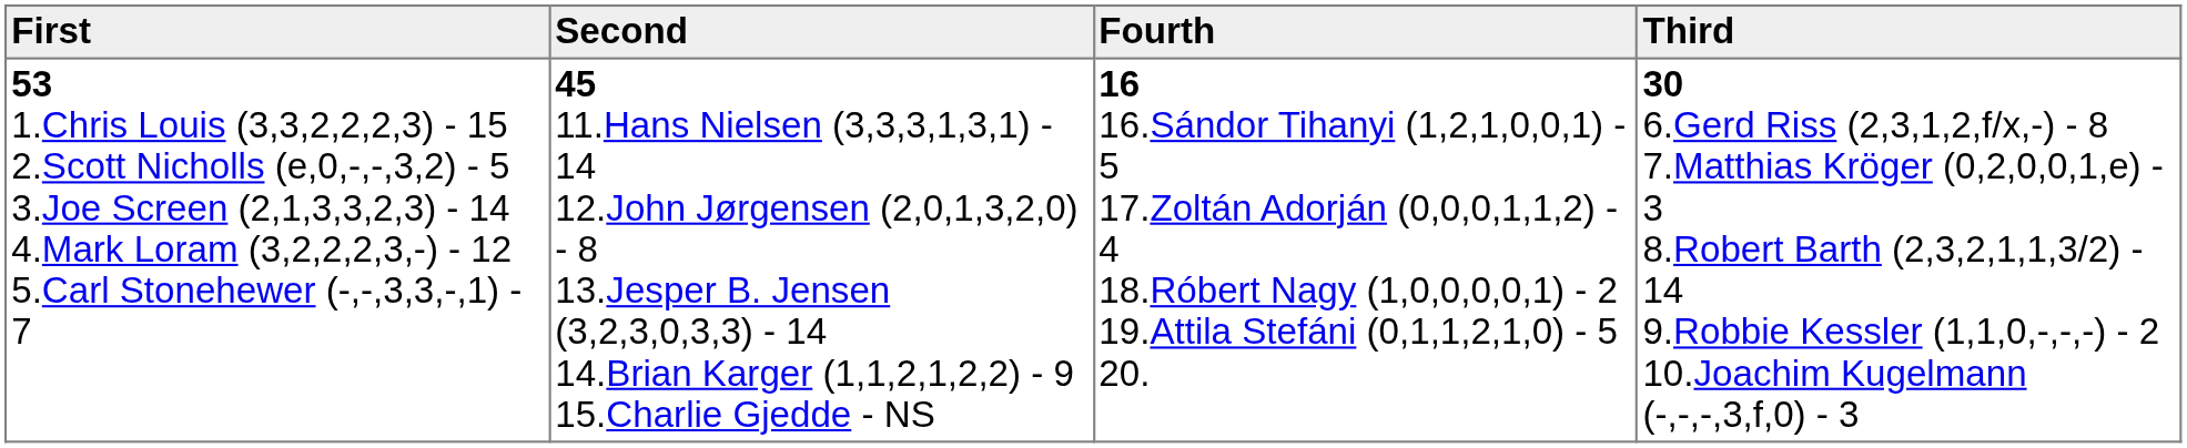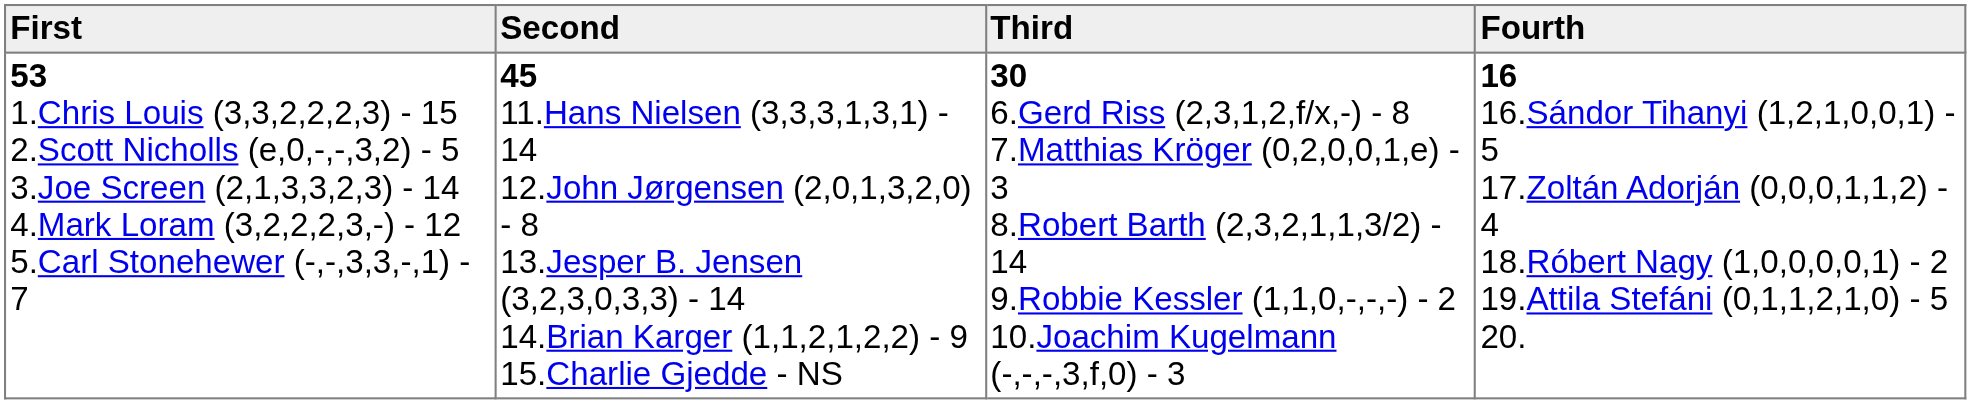 <table border=1 cellpadding=2 cellspacing=0 width=75% style="border-collapse:collapse">
 <tr align=left style="background:#efefef;">
 <th width=20%>First</th>
 <th width=20%>Second</th>
+<th width=20%>Third</th>
 <th width=20%>Fourth</th>
-<th width=20%>Third</th>
 </tr>
 <tr align=left>
 <td valign=top><strong> 53</strong><br>1.<a href='#'>Chris Louis</a> (3,3,2,2,2,3) - 15<br>2.<a href='#'>Scott Nicholls</a> (e,0,-,-,3,2) - 5<br>3.<a href='#'>Joe Screen</a> (2,1,3,3,2,3) - 14<br>4.<a href='#'>Mark Loram</a> (3,2,2,2,3,-) - 12<br>5.<a href='#'>Carl Stonehewer</a> (-,-,3,3,-,1) - 7</td>
 <td valign=top><strong> 45</strong><br>11.<a href='#'>Hans Nielsen</a> (3,3,3,1,3,1) - 14<br>12.<a href='#'>John Jørgensen</a> (2,0,1,3,2,0) - 8<br>13.<a href='#'>Jesper B. Jensen</a> (3,2,3,0,3,3) - 14<br>14.<a href='#'>Brian Karger</a> (1,1,2,1,2,2) - 9<br>15.<a href='#'>Charlie Gjedde</a> - NS</td>
+<td valign=top><strong> 30</strong><br>6.<a href='#'>Gerd Riss</a> (2,3,1,2,f/x,-) - 8<br>7.<a href='#'>Matthias Kröger</a> (0,2,0,0,1,e) - 3<br>8.<a href='#'>Robert Barth</a> (2,3,2,1,1,3/2) - 14<br>9.<a href='#'>Robbie Kessler</a> (1,1,0,-,-,-) - 2<br>10.<a href='#'>Joachim Kugelmann</a> (-,-,-,3,f,0) - 3</td>
 <td valign=top><strong> 16</strong><br>16.<a href='#'>Sándor Tihanyi</a> (1,2,1,0,0,1) - 5<br>17.<a href='#'>Zoltán Adorján</a> (0,0,0,1,1,2) - 4<br>18.<a href='#'>Róbert Nagy</a> (1,0,0,0,0,1) - 2<br>19.<a href='#'>Attila Stefáni</a> (0,1,1,2,1,0) - 5<br>20.</td>
-<td valign=top><strong> 30</strong><br>6.<a href='#'>Gerd Riss</a> (2,3,1,2,f/x,-) - 8<br>7.<a href='#'>Matthias Kröger</a> (0,2,0,0,1,e) - 3<br>8.<a href='#'>Robert Barth</a> (2,3,2,1,1,3/2) - 14<br>9.<a href='#'>Robbie Kessler</a> (1,1,0,-,-,-) - 2<br>10.<a href='#'>Joachim Kugelmann</a> (-,-,-,3,f,0) - 3</td>
 </tr>
 </table>
